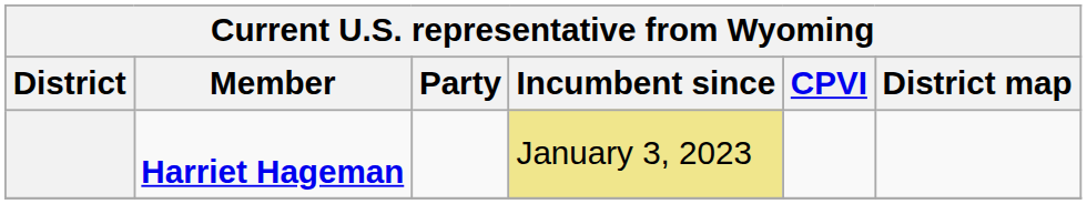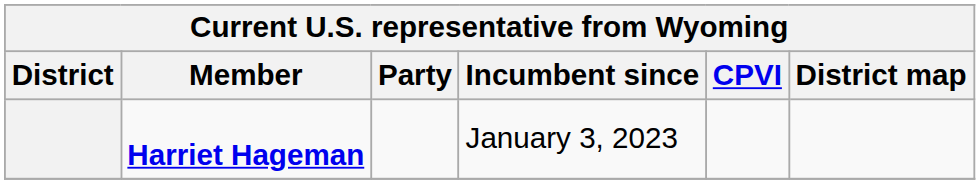 <table class="wikitable sortable">
 <tr>
 <th colspan="6">Current U.S. representative from Wyoming</th>
 </tr>
 <tr>
 <th>District</th>
 <th>Member<br></th>
 <th>Party</th>
 <th data-sort-type="date">Incumbent since</th>
 <th data-sort-type="number"><a href='#'>CPVI</a><br></th>
 <th class="unsortable">District map</th>
 </tr>
 <tr>
 <th></th>
 <td data-sort-value="Hageman, Harriet"><br><strong><a href='#'>Harriet Hageman</a></strong><br></td>
 <td></td>
-<td style="background: khaki;">January 3, 2023</td>
+<td>January 3, 2023</td>
 <td></td>
 <td></td>
 </tr>
 <tr>
 </tr>
 </table>
